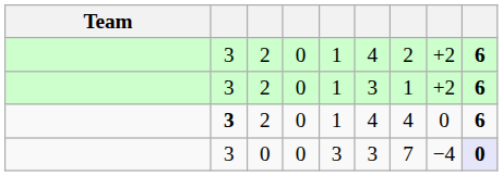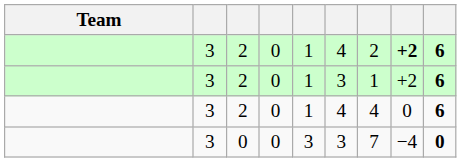 <table class="wikitable" style="text-align:center;">
 <tr>
 <th width=150>Team</th>
 <th width=20></th>
 <th width=20></th>
 <th width=20></th>
 <th width=20></th>
 <th width=20></th>
 <th width=20></th>
 <th width=20></th>
 <th width=20></th>
 </tr>
 <tr bgcolor="#ccffcc">
 <td align=left></td>
 <td>3</td>
 <td>2</td>
 <td>0</td>
 <td>1</td>
 <td>4</td>
 <td>2</td>
-<td>+2</td>
+<td><strong>+2</strong></td>
 <td><strong>6</strong></td>
 </tr>
 <tr bgcolor="#ccffcc">
 <td align=left></td>
 <td>3</td>
 <td>2</td>
 <td>0</td>
 <td>1</td>
 <td>3</td>
 <td>1</td>
 <td>+2</td>
 <td><strong>6</strong></td>
 </tr>
 <tr>
 <td align=left></td>
-<td><strong>3</strong></td>
+<td>3</td>
 <td>2</td>
 <td>0</td>
 <td>1</td>
 <td>4</td>
 <td>4</td>
 <td>0</td>
 <td><strong>6</strong></td>
 </tr>
 <tr>
 <td align=left></td>
 <td>3</td>
 <td>0</td>
 <td>0</td>
 <td>3</td>
 <td>3</td>
 <td>7</td>
 <td>−4</td>
-<td style="background: lavender;"><strong>0</strong></td>
+<td><strong>0</strong></td>
 </tr>
 </table>
